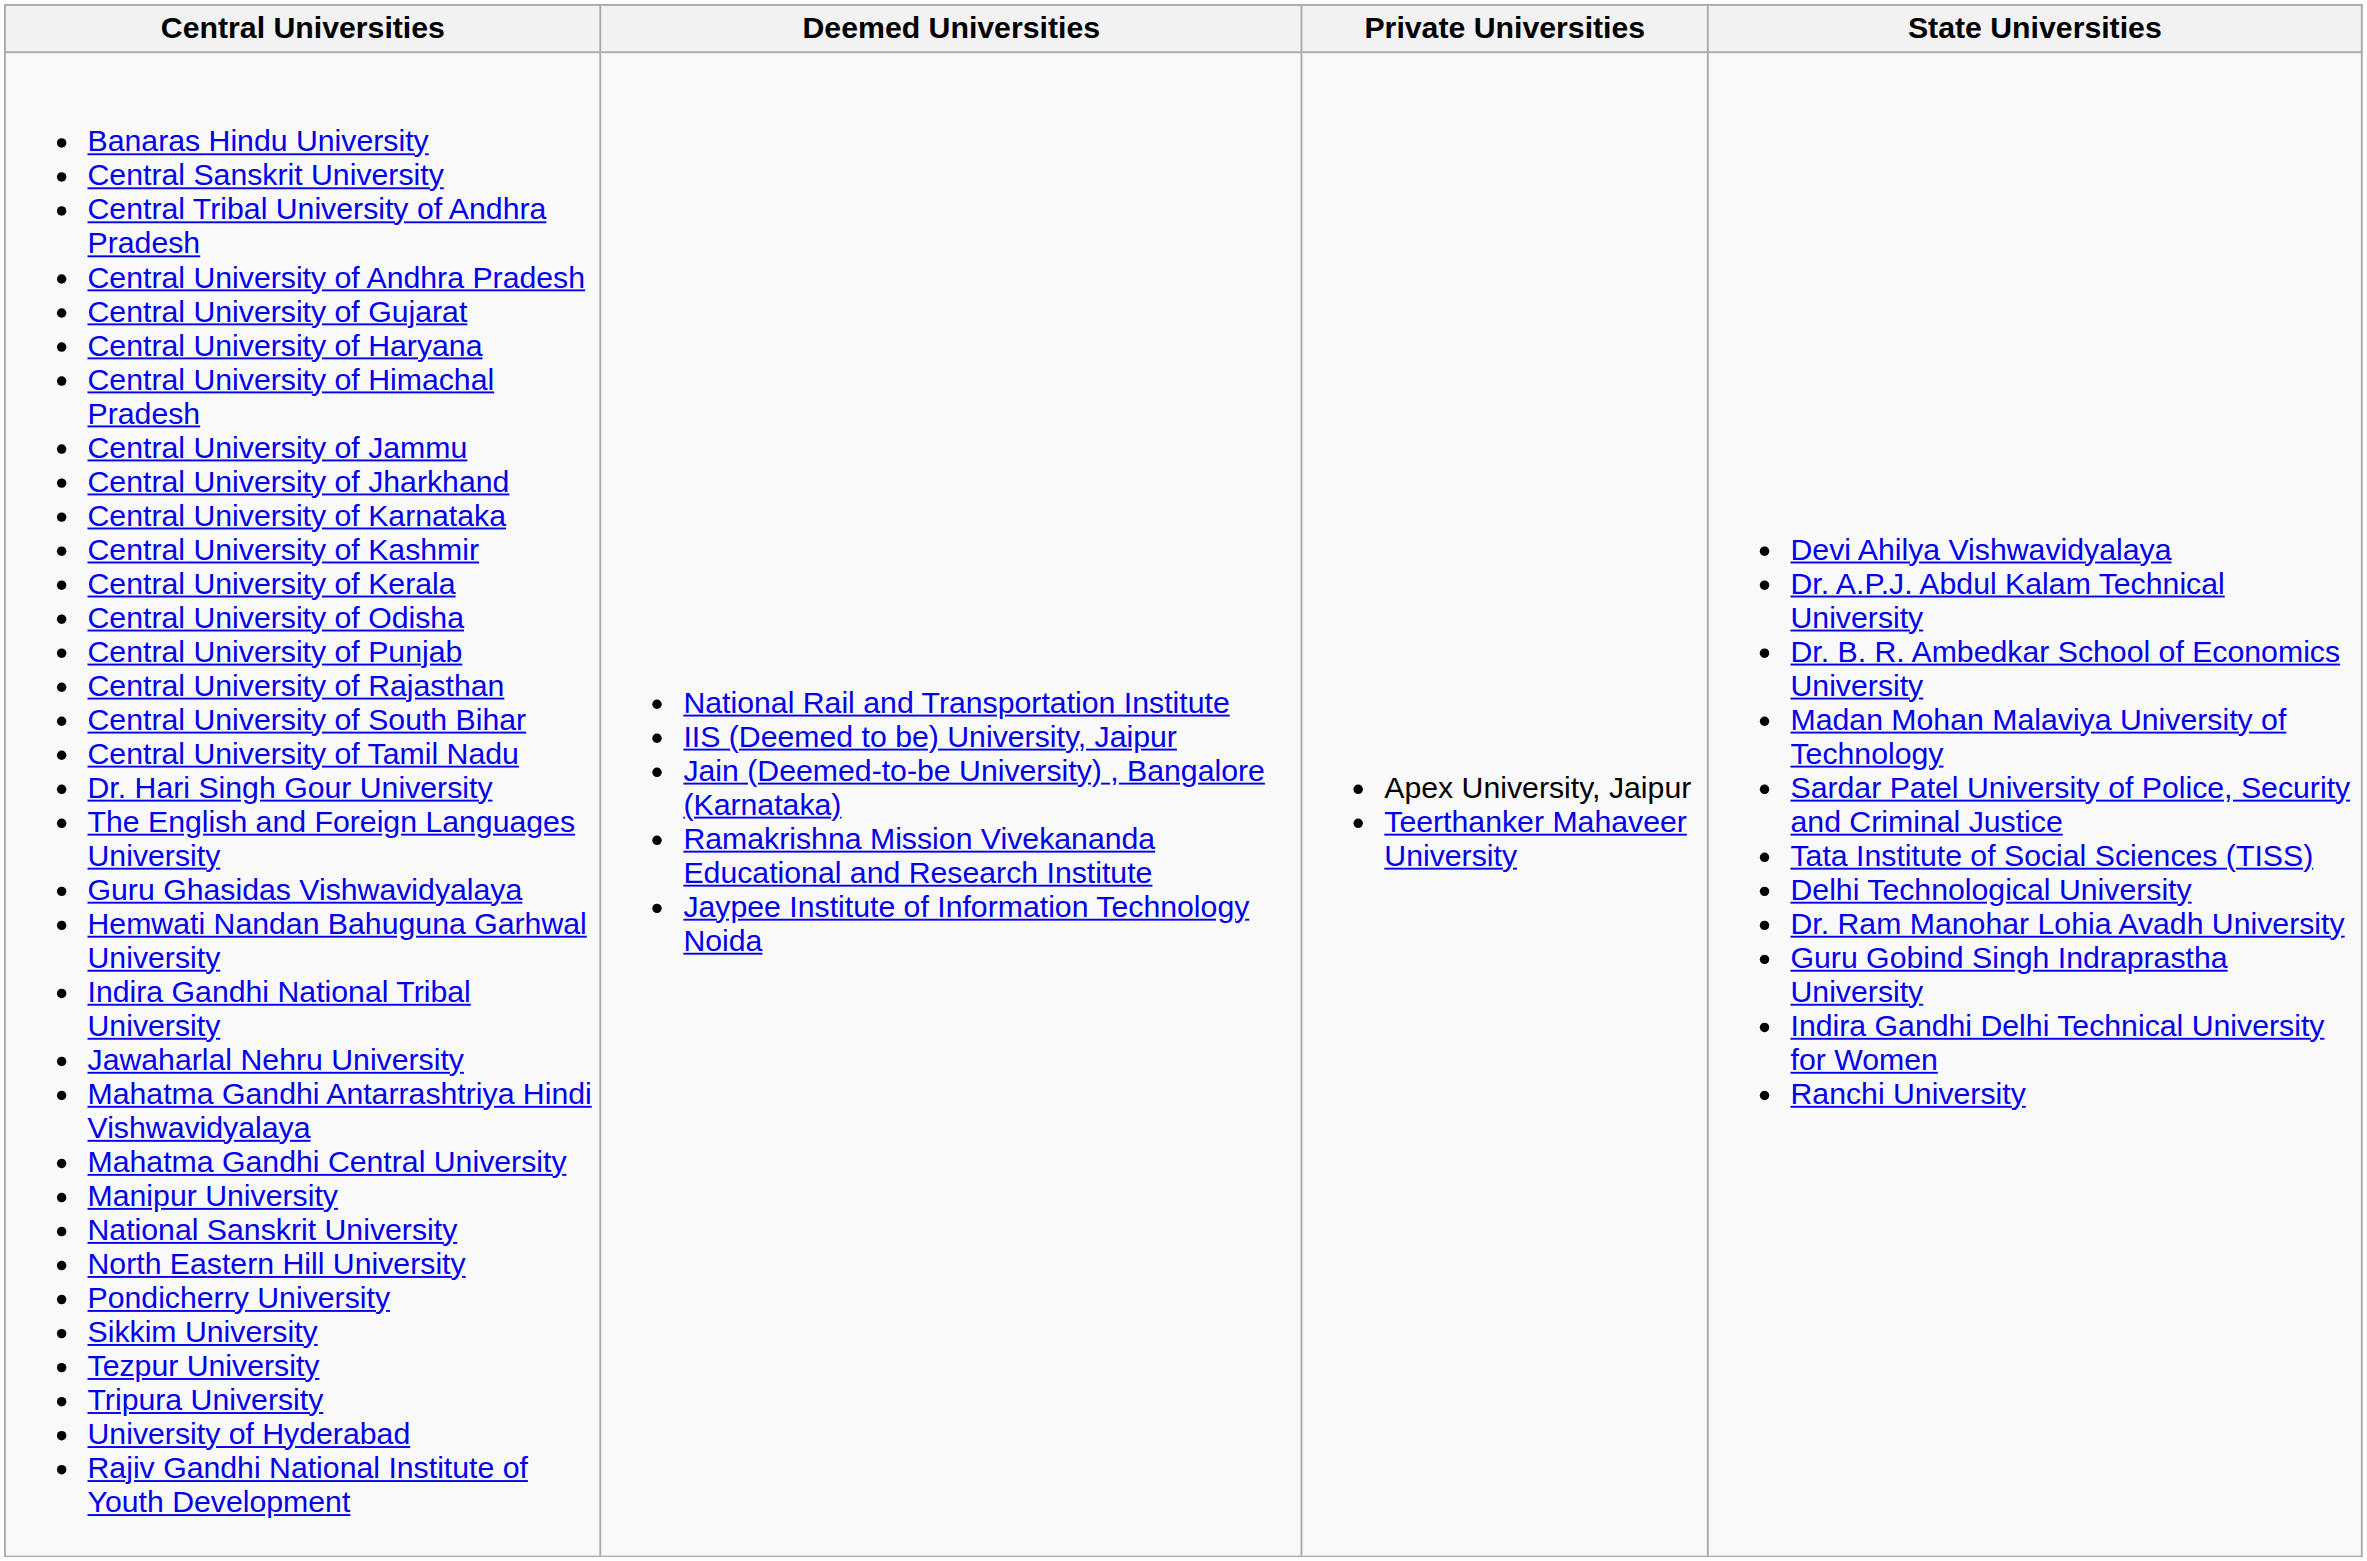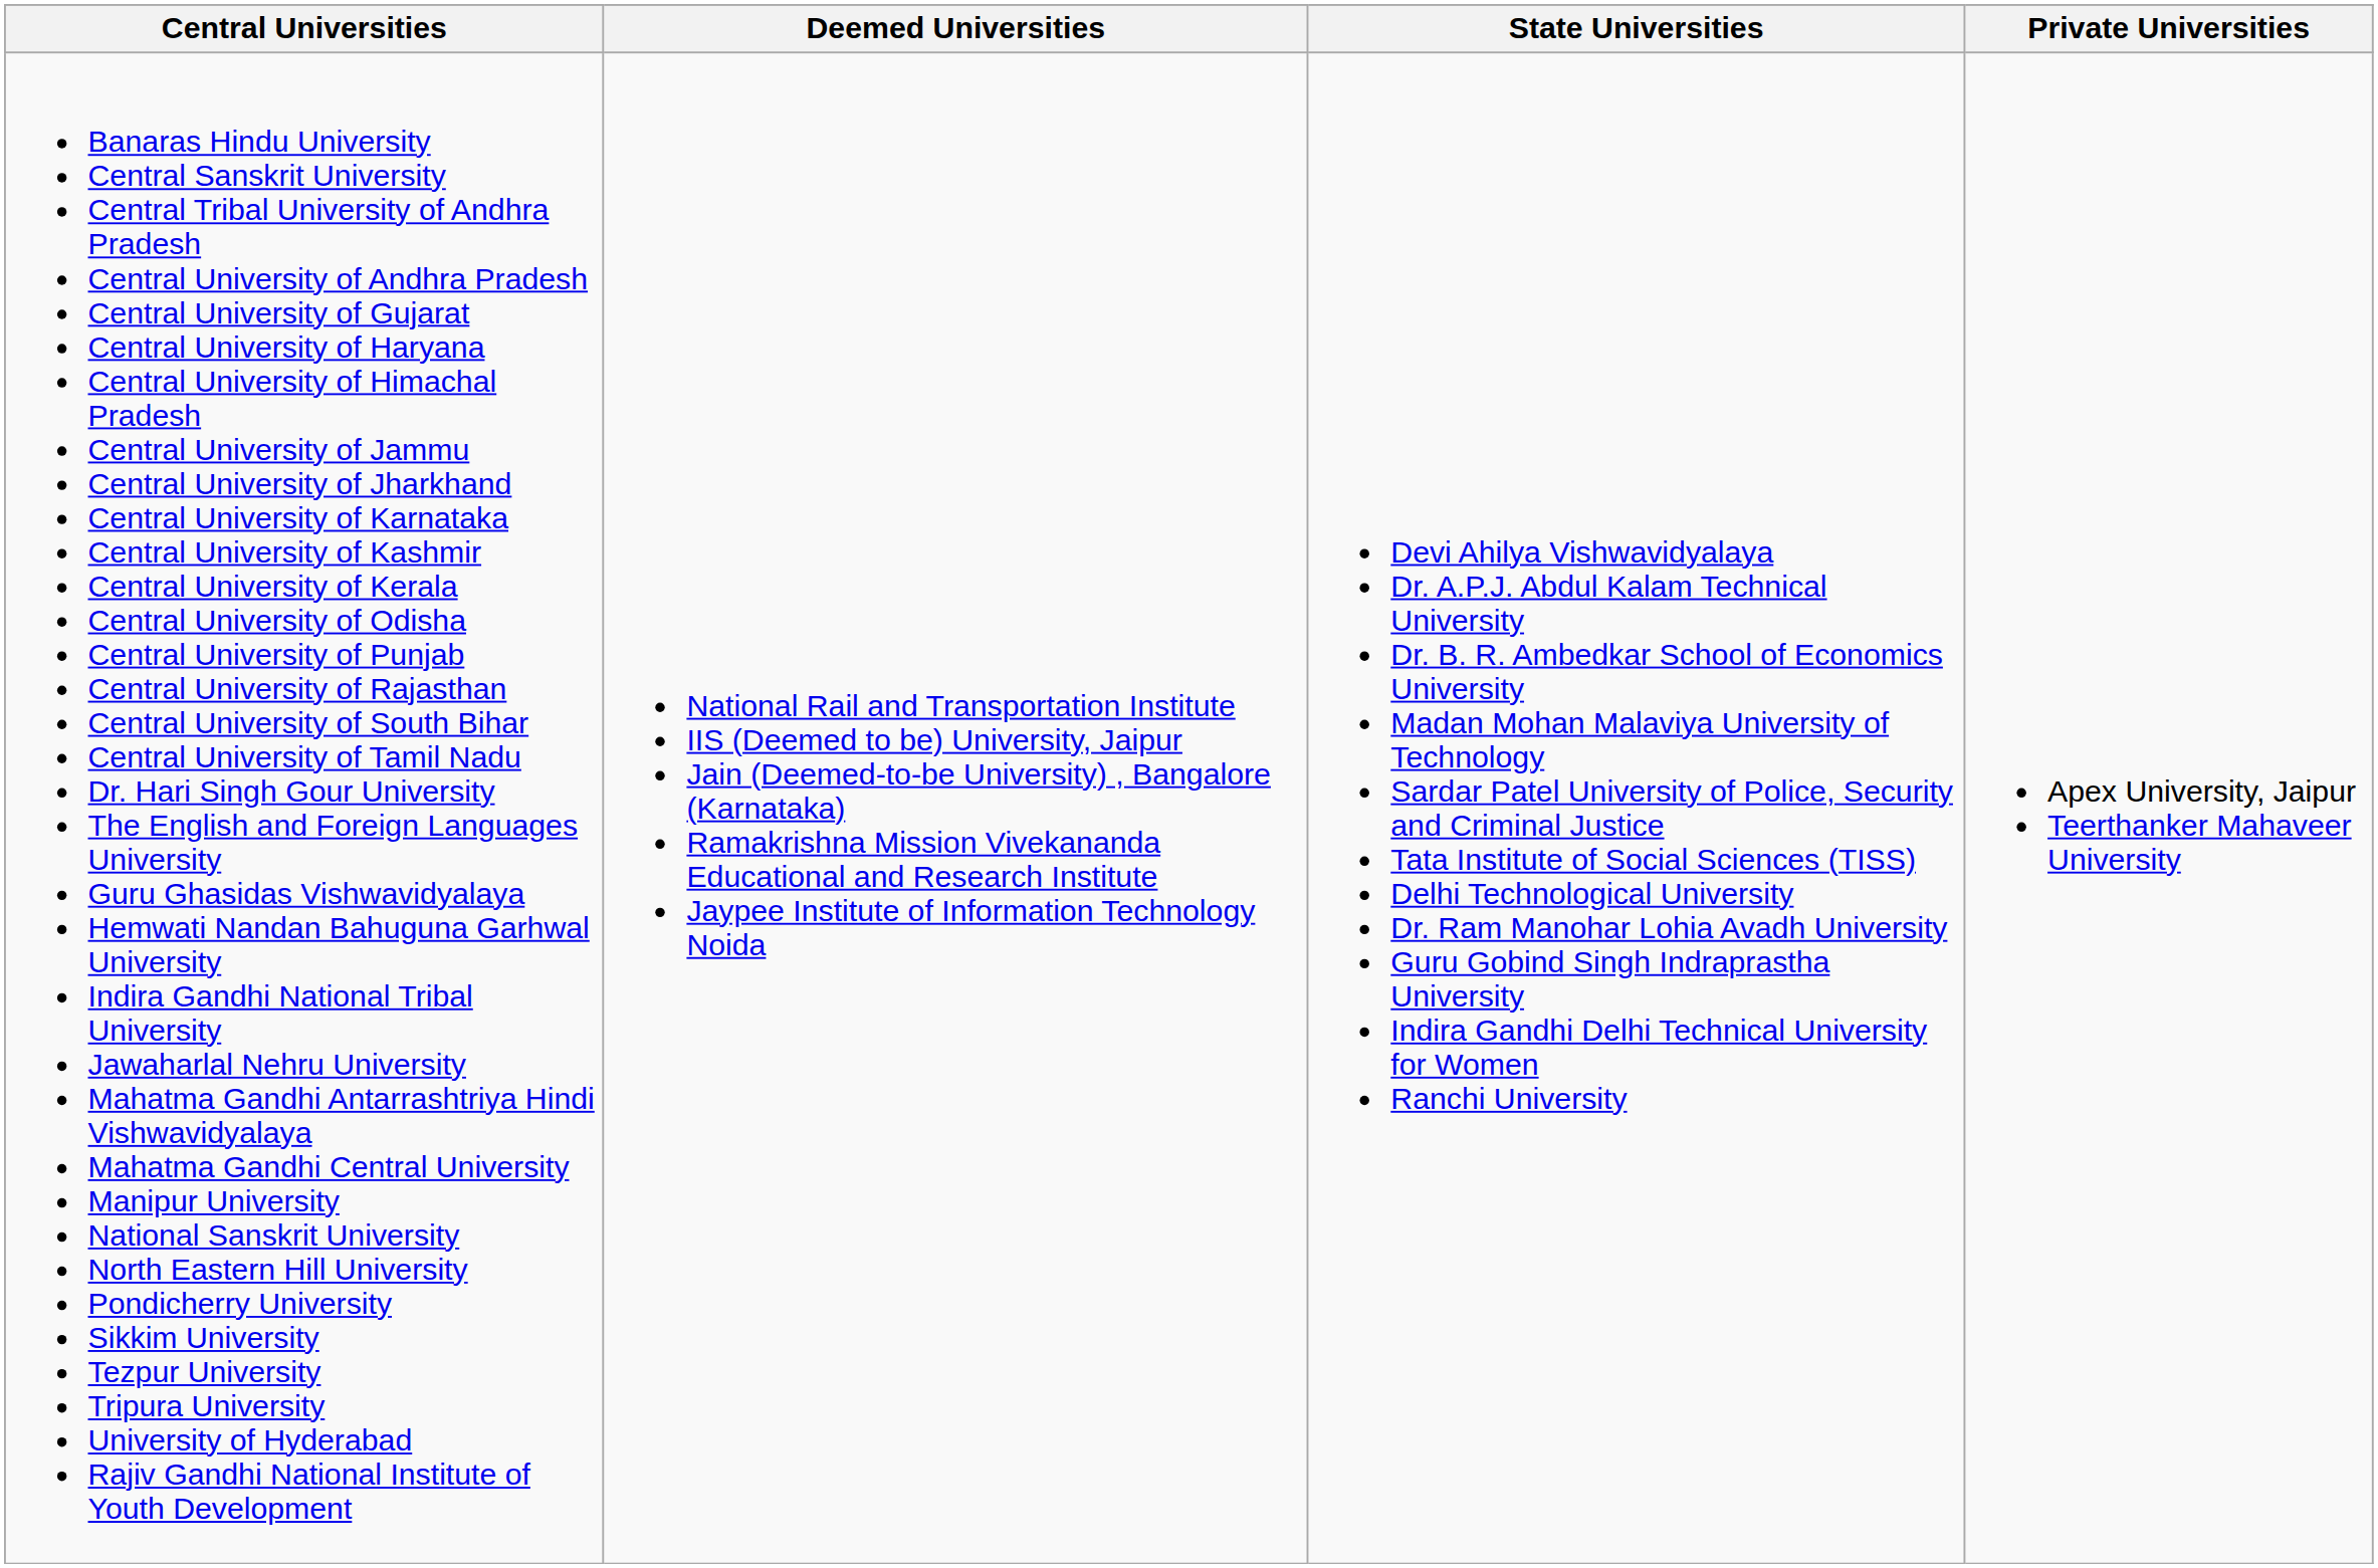 <table class="wikitable">
 <tr>
 <th>Central Universities</th>
 <th>Deemed Universities</th>
+<th>State Universities</th>
 <th>Private Universities</th>
-<th>State Universities</th>
 </tr>
 <tr>
 <td><br><ul><li><a href='#'>Banaras Hindu University</a></li><li><a href='#'>Central Sanskrit University</a></li><li><a href='#'>Central Tribal University of Andhra Pradesh</a></li><li><a href='#'>Central University of Andhra Pradesh</a></li><li><a href='#'>Central University of Gujarat</a></li><li><a href='#'>Central University of Haryana</a></li><li><a href='#'>Central University of Himachal Pradesh</a></li><li><a href='#'>Central University of Jammu</a></li><li><a href='#'>Central University of Jharkhand</a></li><li><a href='#'>Central University of Karnataka</a></li><li><a href='#'>Central University of Kashmir</a></li><li><a href='#'>Central University of Kerala</a></li><li><a href='#'>Central University of Odisha</a></li><li><a href='#'>Central University of Punjab</a></li><li><a href='#'>Central University of Rajasthan</a></li><li><a href='#'>Central University of South Bihar</a></li><li><a href='#'>Central University of Tamil Nadu</a></li><li><a href='#'>Dr. Hari Singh Gour University</a></li><li><a href='#'>The English and Foreign Languages University</a></li><li><a href='#'>Guru Ghasidas Vishwavidyalaya</a></li><li><a href='#'>Hemwati Nandan Bahuguna Garhwal University</a></li><li><a href='#'>Indira Gandhi National Tribal University</a></li><li><a href='#'>Jawaharlal Nehru University</a></li><li><a href='#'>Mahatma Gandhi Antarrashtriya Hindi Vishwavidyalaya</a></li><li><a href='#'>Mahatma Gandhi Central University</a></li><li><a href='#'>Manipur University</a></li><li><a href='#'>National Sanskrit University</a></li><li><a href='#'>North Eastern Hill University</a></li><li><a href='#'>Pondicherry University</a></li><li><a href='#'>Sikkim University</a></li><li><a href='#'>Tezpur University</a></li><li><a href='#'>Tripura University</a></li><li><a href='#'>University of Hyderabad</a></li><li><a href='#'>Rajiv Gandhi National Institute of Youth Development</a></li></ul></td>
 <td><br><ul><li><a href='#'>National Rail and Transportation Institute</a></li><li><a href='#'>IIS (Deemed to be) University, Jaipur</a></li><li><a href='#'>Jain (Deemed-to-be University) , Bangalore (Karnataka)</a></li><li><a href='#'>Ramakrishna Mission Vivekananda Educational and Research Institute</a></li><li><a href='#'>Jaypee Institute of Information Technology Noida</a></li></ul></td>
+<td><br><ul><li><a href='#'>Devi Ahilya Vishwavidyalaya</a></li><li><a href='#'>Dr. A.P.J. Abdul Kalam Technical University</a></li><li><a href='#'>Dr. B. R. Ambedkar School of Economics University</a></li><li><a href='#'>Madan Mohan Malaviya University of Technology</a></li><li><a href='#'>Sardar Patel University of Police, Security and Criminal Justice</a></li><li><a href='#'>Tata Institute of Social Sciences (TISS)</a></li><li><a href='#'>Delhi Technological University</a></li><li><a href='#'>Dr. Ram Manohar Lohia Avadh University</a></li><li><a href='#'>Guru Gobind Singh Indraprastha University</a></li><li><a href='#'>Indira Gandhi Delhi Technical University for Women</a></li><li><a href='#'>Ranchi University</a></li></ul></td>
 <td><br><ul><li>Apex University, Jaipur</li><li><a href='#'>Teerthanker Mahaveer University</a></li></ul></td>
-<td><br><ul><li><a href='#'>Devi Ahilya Vishwavidyalaya</a></li><li><a href='#'>Dr. A.P.J. Abdul Kalam Technical University</a></li><li><a href='#'>Dr. B. R. Ambedkar School of Economics University</a></li><li><a href='#'>Madan Mohan Malaviya University of Technology</a></li><li><a href='#'>Sardar Patel University of Police, Security and Criminal Justice</a></li><li><a href='#'>Tata Institute of Social Sciences (TISS)</a></li><li><a href='#'>Delhi Technological University</a></li><li><a href='#'>Dr. Ram Manohar Lohia Avadh University</a></li><li><a href='#'>Guru Gobind Singh Indraprastha University</a></li><li><a href='#'>Indira Gandhi Delhi Technical University for Women</a></li><li><a href='#'>Ranchi University</a></li></ul></td>
 </tr>
 </table>
